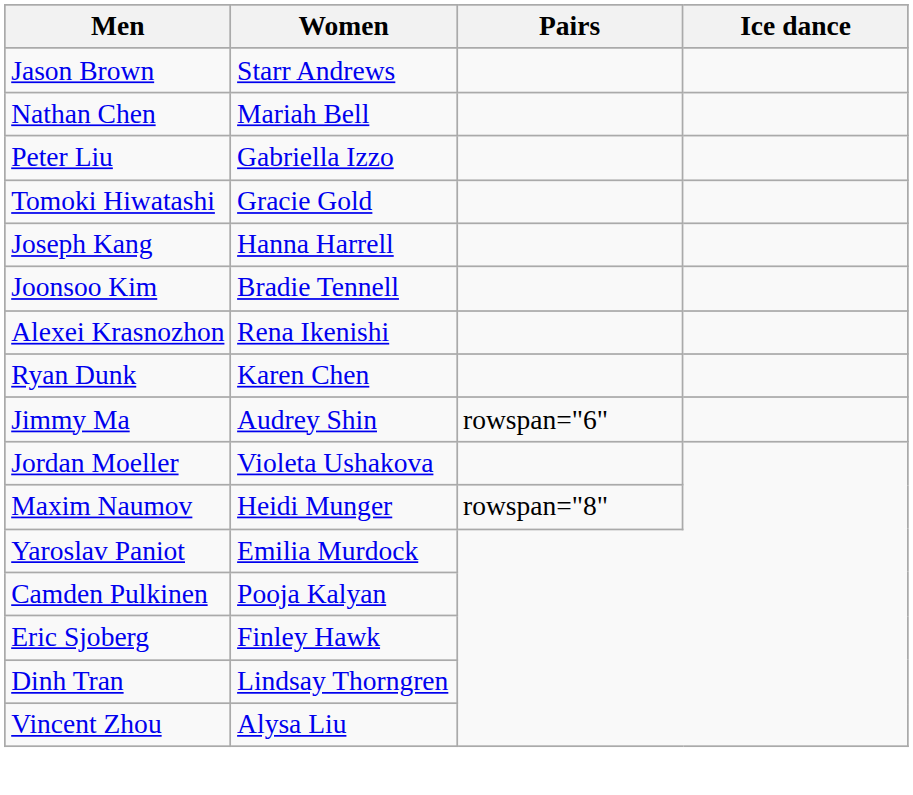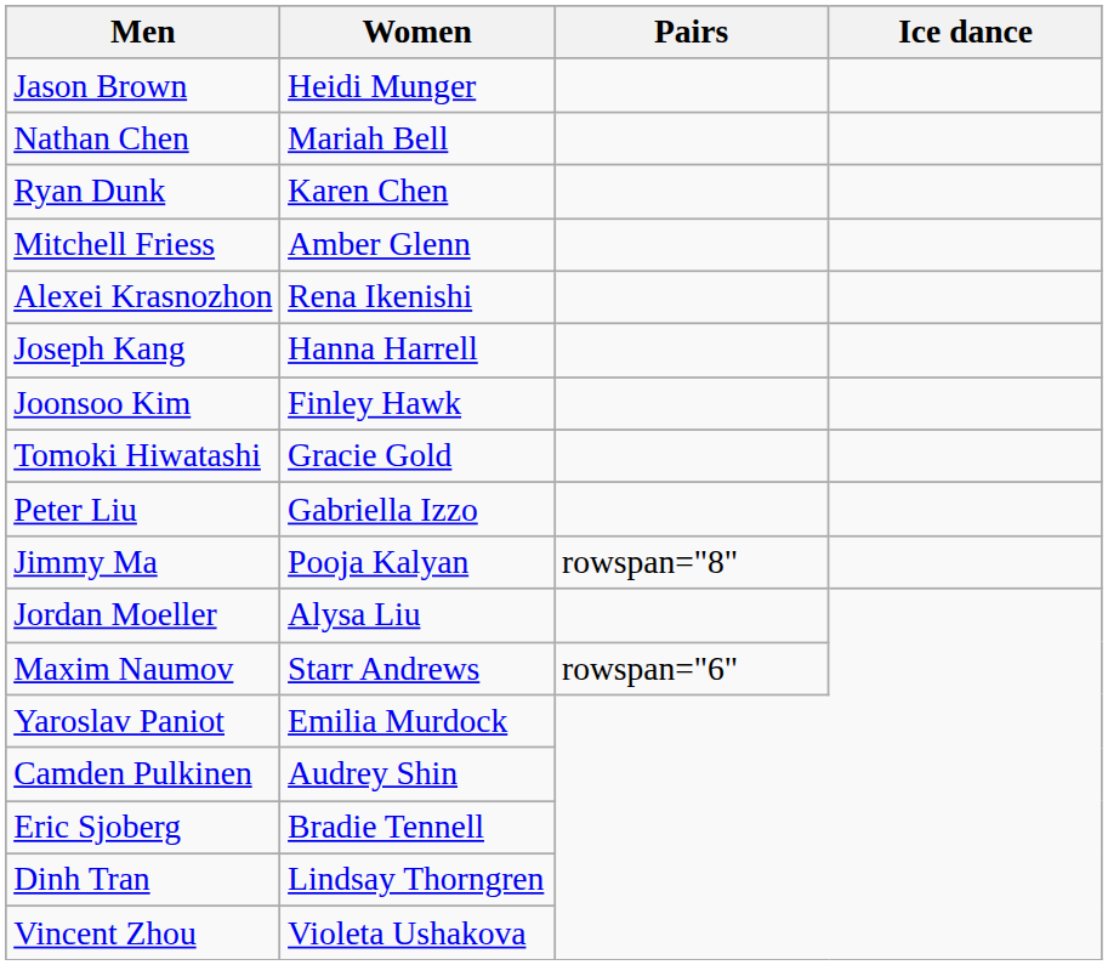 <table class="wikitable unsortable" style="text-align:left;">
 <tr>
 <th scope="col" style="width:25%">Men</th>
 <th scope="col" style="width:25%">Women</th>
 <th scope="col" style="width:25%">Pairs</th>
 <th scope="col" style="width:25%">Ice dance</th>
 </tr>
 <tr>
 <td><a href='#'>Jason Brown</a></td>
-<td><a href='#'>Starr Andrews</a></td>
+<td><a href='#'>Heidi Munger</a></td>
 <td></td>
 <td></td>
 </tr>
 <tr>
 <td><a href='#'>Nathan Chen</a></td>
 <td><a href='#'>Mariah Bell</a></td>
 <td></td>
 <td></td>
 </tr>
 <tr>
-<td><a href='#'>Peter Liu</a></td>
-<td><a href='#'>Gabriella Izzo</a></td>
+<td><a href='#'>Ryan Dunk</a></td>
+<td><a href='#'>Karen Chen</a></td>
 <td></td>
 <td></td>
 </tr>
 <tr>
-<td><a href='#'>Tomoki Hiwatashi</a></td>
-<td><a href='#'>Gracie Gold</a></td>
+<td><a href='#'>Mitchell Friess</a></td>
+<td><a href='#'>Amber Glenn</a></td>
+<td></td>
+<td></td>
+</tr>
+<tr>
+<td><a href='#'>Alexei Krasnozhon</a></td>
+<td><a href='#'>Rena Ikenishi</a></td>
 <td></td>
 <td></td>
 </tr>
 <tr>
 <td><a href='#'>Joseph Kang</a></td>
 <td><a href='#'>Hanna Harrell</a></td>
 <td></td>
 <td></td>
 </tr>
 <tr>
 <td><a href='#'>Joonsoo Kim</a></td>
-<td><a href='#'>Bradie Tennell</a></td>
+<td><a href='#'>Finley Hawk</a></td>
 <td></td>
 <td></td>
 </tr>
 <tr>
-<td><a href='#'>Alexei Krasnozhon</a></td>
-<td><a href='#'>Rena Ikenishi</a></td>
+<td><a href='#'>Tomoki Hiwatashi</a></td>
+<td><a href='#'>Gracie Gold</a></td>
 <td></td>
 <td></td>
 </tr>
 <tr>
-<td><a href='#'>Ryan Dunk</a></td>
-<td><a href='#'>Karen Chen</a></td>
+<td><a href='#'>Peter Liu</a></td>
+<td><a href='#'>Gabriella Izzo</a></td>
 <td></td>
 <td></td>
 </tr>
 <tr>
 <td><a href='#'>Jimmy Ma</a></td>
-<td><a href='#'>Audrey Shin</a></td>
-<td>rowspan="6" </td>
+<td><a href='#'>Pooja Kalyan</a></td>
+<td>rowspan="8" </td>
 <td></td>
 </tr>
 <tr>
 <td><a href='#'>Jordan Moeller</a></td>
-<td><a href='#'>Violeta Ushakova</a></td>
+<td><a href='#'>Alysa Liu</a></td>
 <td></td>
 </tr>
 <tr>
 <td><a href='#'>Maxim Naumov</a></td>
-<td><a href='#'>Heidi Munger</a></td>
-<td>rowspan="8" </td>
+<td><a href='#'>Starr Andrews</a></td>
+<td>rowspan="6" </td>
 </tr>
 <tr>
 <td><a href='#'>Yaroslav Paniot</a></td>
 <td><a href='#'>Emilia Murdock</a></td>
 </tr>
 <tr>
 <td><a href='#'>Camden Pulkinen</a></td>
-<td><a href='#'>Pooja Kalyan</a></td>
+<td><a href='#'>Audrey Shin</a></td>
 </tr>
 <tr>
 <td><a href='#'>Eric Sjoberg</a></td>
-<td><a href='#'>Finley Hawk</a></td>
+<td><a href='#'>Bradie Tennell</a></td>
 </tr>
 <tr>
 <td><a href='#'>Dinh Tran</a></td>
 <td><a href='#'>Lindsay Thorngren</a></td>
 </tr>
 <tr>
 <td><a href='#'>Vincent Zhou</a></td>
-<td><a href='#'>Alysa Liu</a></td>
+<td><a href='#'>Violeta Ushakova</a></td>
 </tr>
 </table>
